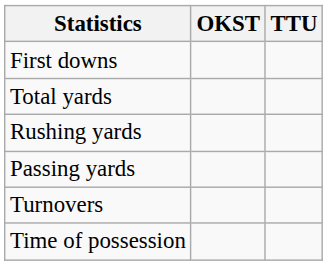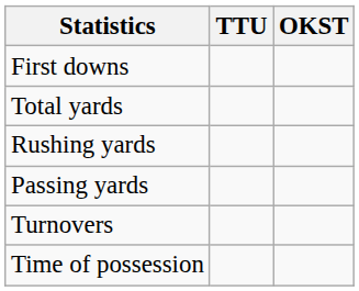 <table class="wikitable" style="float:left">
 <tr>
 <th>Statistics</th>
+<th>TTU</th>
 <th>OKST</th>
-<th>TTU</th>
 </tr>
 <tr>
 <td>First downs</td>
 <td></td>
 <td></td>
 </tr>
 <tr>
 <td>Total yards</td>
 <td></td>
 <td></td>
 </tr>
 <tr>
 <td>Rushing yards</td>
 <td></td>
 <td></td>
 </tr>
 <tr>
 <td>Passing yards</td>
 <td></td>
 <td></td>
 </tr>
 <tr>
 <td>Turnovers</td>
 <td></td>
 <td></td>
 </tr>
 <tr>
 <td>Time of possession</td>
 <td></td>
 <td></td>
 </tr>
 </table>
